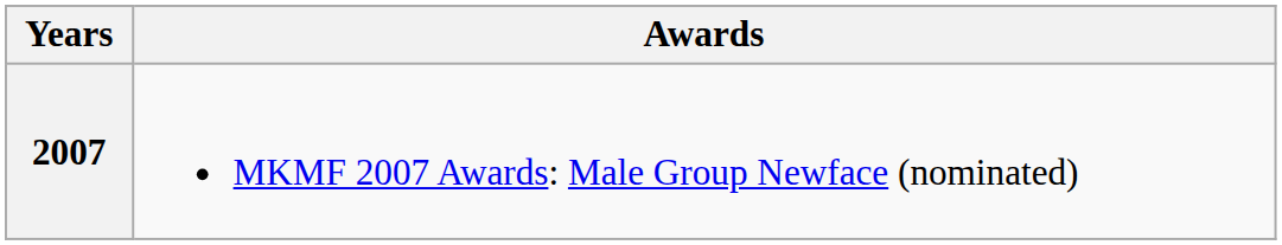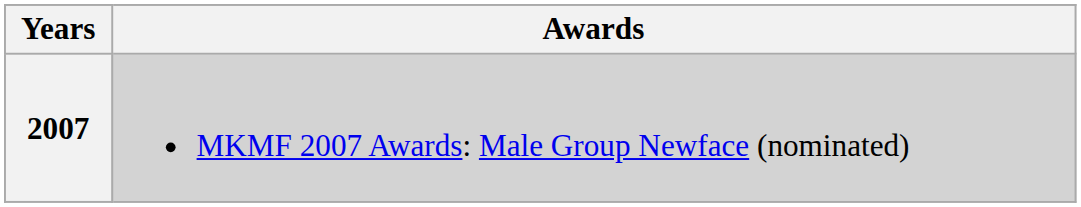 <table class="wikitable" width="550px">
 <tr>
 <th align="left">Years</th>
 <th align="left">Awards</th>
 </tr>
 <tr>
 <th align="center">2007</th>
-<td align="left"><br><ul><li><a href='#'>MKMF 2007 Awards</a>: <a href='#'>Male Group Newface</a> (nominated)</li></ul></td>
+<td align="left" style="background: lightgrey;"><br><ul><li><a href='#'>MKMF 2007 Awards</a>: <a href='#'>Male Group Newface</a> (nominated)</li></ul></td>
 </tr>
 </table>
